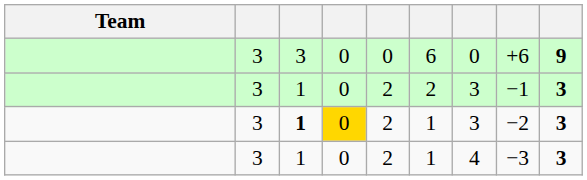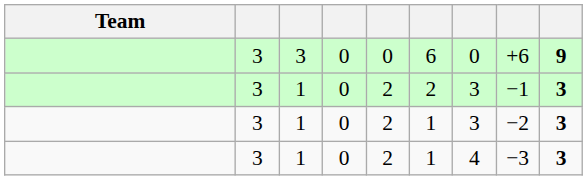 <table class="wikitable" style="text-align:center">
 <tr>
 <th width=165>Team</th>
 <th width=25></th>
 <th width=25></th>
 <th width=25></th>
 <th width=25></th>
 <th width=25></th>
 <th width=25></th>
 <th width=25></th>
 <th width=25></th>
 </tr>
 <tr style="background:#cfc">
 <td align="left"></td>
 <td>3</td>
 <td>3</td>
 <td>0</td>
 <td>0</td>
 <td>6</td>
 <td>0</td>
 <td>+6</td>
 <td><strong>9</strong></td>
 </tr>
 <tr style="background:#cfc">
 <td align="left"></td>
 <td>3</td>
 <td>1</td>
 <td>0</td>
 <td>2</td>
 <td>2</td>
 <td>3</td>
 <td>−1</td>
 <td><strong>3</strong></td>
 </tr>
 <tr>
 <td align="left"></td>
 <td>3</td>
-<td><strong>1</strong></td>
-<td style="background: gold;">0</td>
+<td>1</td>
+<td>0</td>
 <td>2</td>
 <td>1</td>
 <td>3</td>
 <td>−2</td>
 <td><strong>3</strong></td>
 </tr>
 <tr>
 <td align="left"></td>
 <td>3</td>
 <td>1</td>
 <td>0</td>
 <td>2</td>
 <td>1</td>
 <td>4</td>
 <td>−3</td>
 <td><strong>3</strong></td>
 </tr>
 </table>
